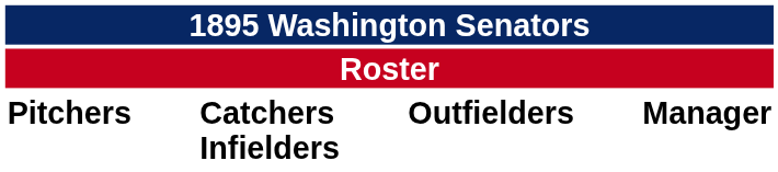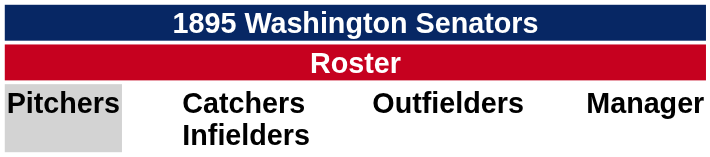 <table class="toccolours" style="font-size: 95%;">
 <tr>
 <th colspan="10" style="background-color: #072764; color: white; text-align: center;">1895 Washington Senators</th>
 </tr>
 <tr>
 <td colspan="10" style="background-color: #c6011f; color: white; text-align: center;"><strong>Roster</strong></td>
 </tr>
 <tr>
-<td valign="top"><strong>Pitchers</strong><br>           </td>
+<td valign="top" style="background: lightgrey;"><strong>Pitchers</strong><br>           </td>
 <td width="25px"></td>
 <td valign="top"><strong>Catchers</strong><br>  <strong>Infielders</strong>           </td>
 <td width="25px"></td>
 <td valign="top"><strong>Outfielders</strong><br>     </td>
 <td width="25px"></td>
 <td valign="top"><strong>Manager</strong><br></td>
 </tr>
 <tr>
 </tr>
 </table>
